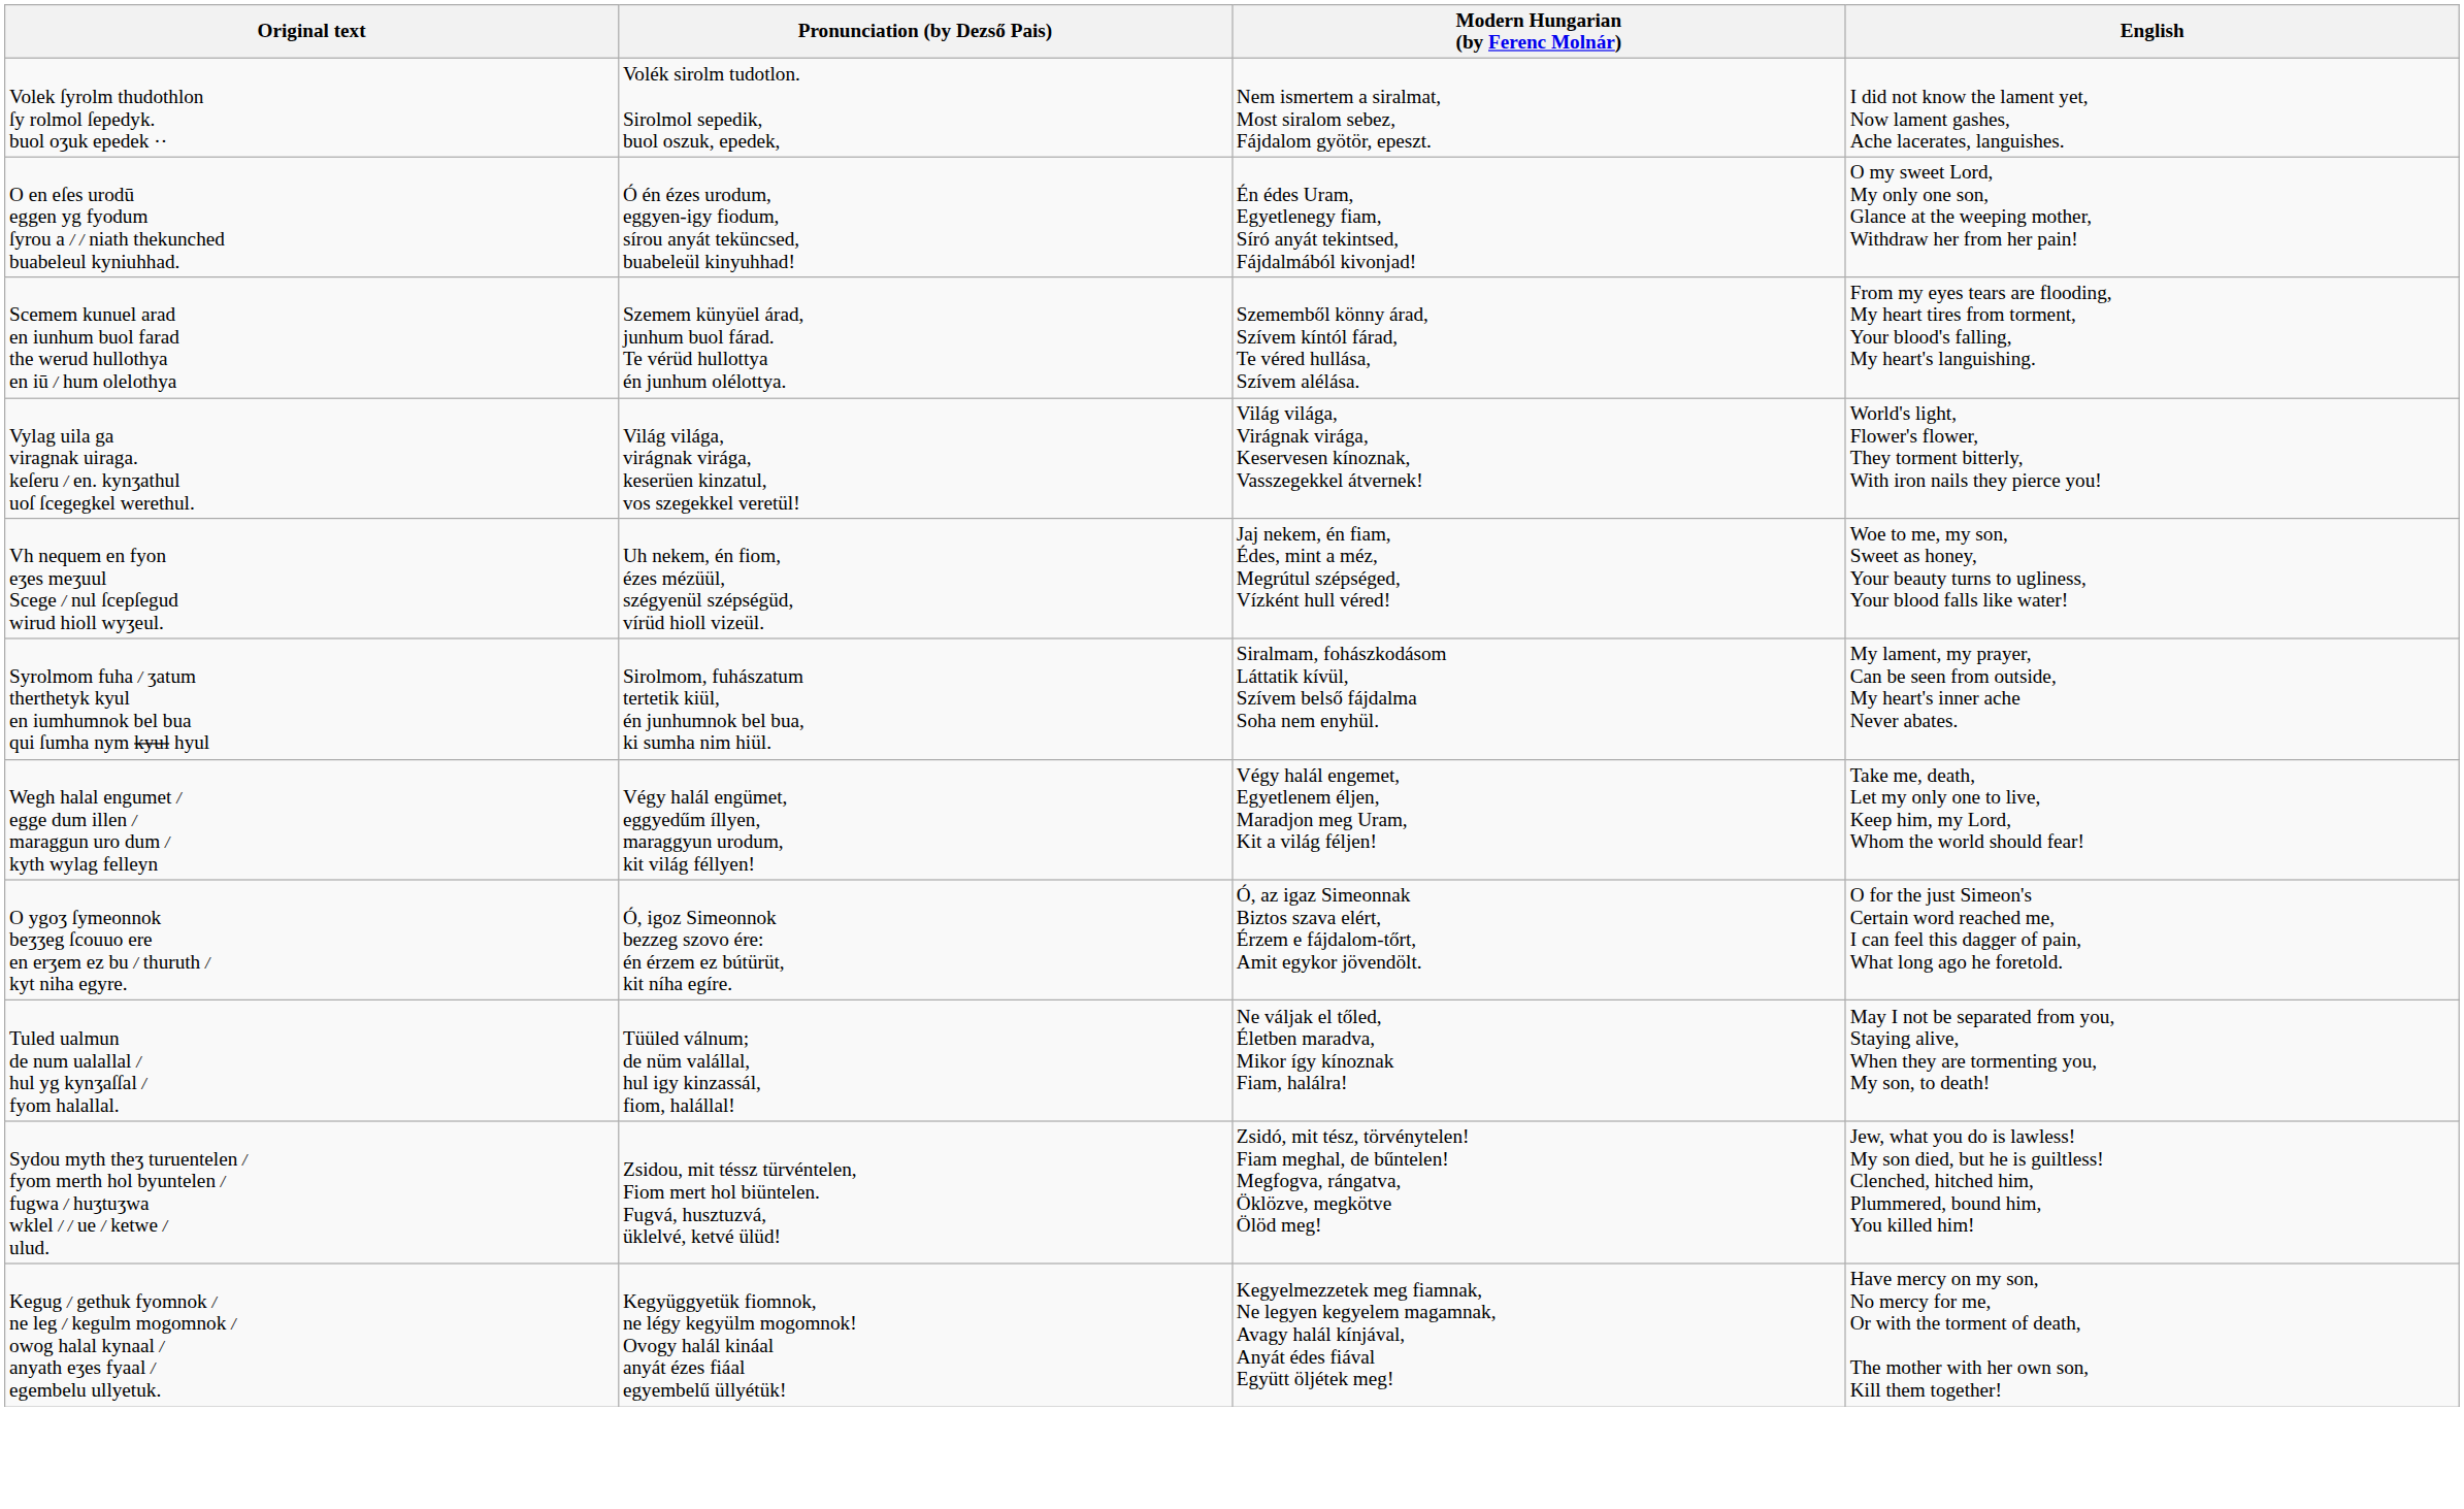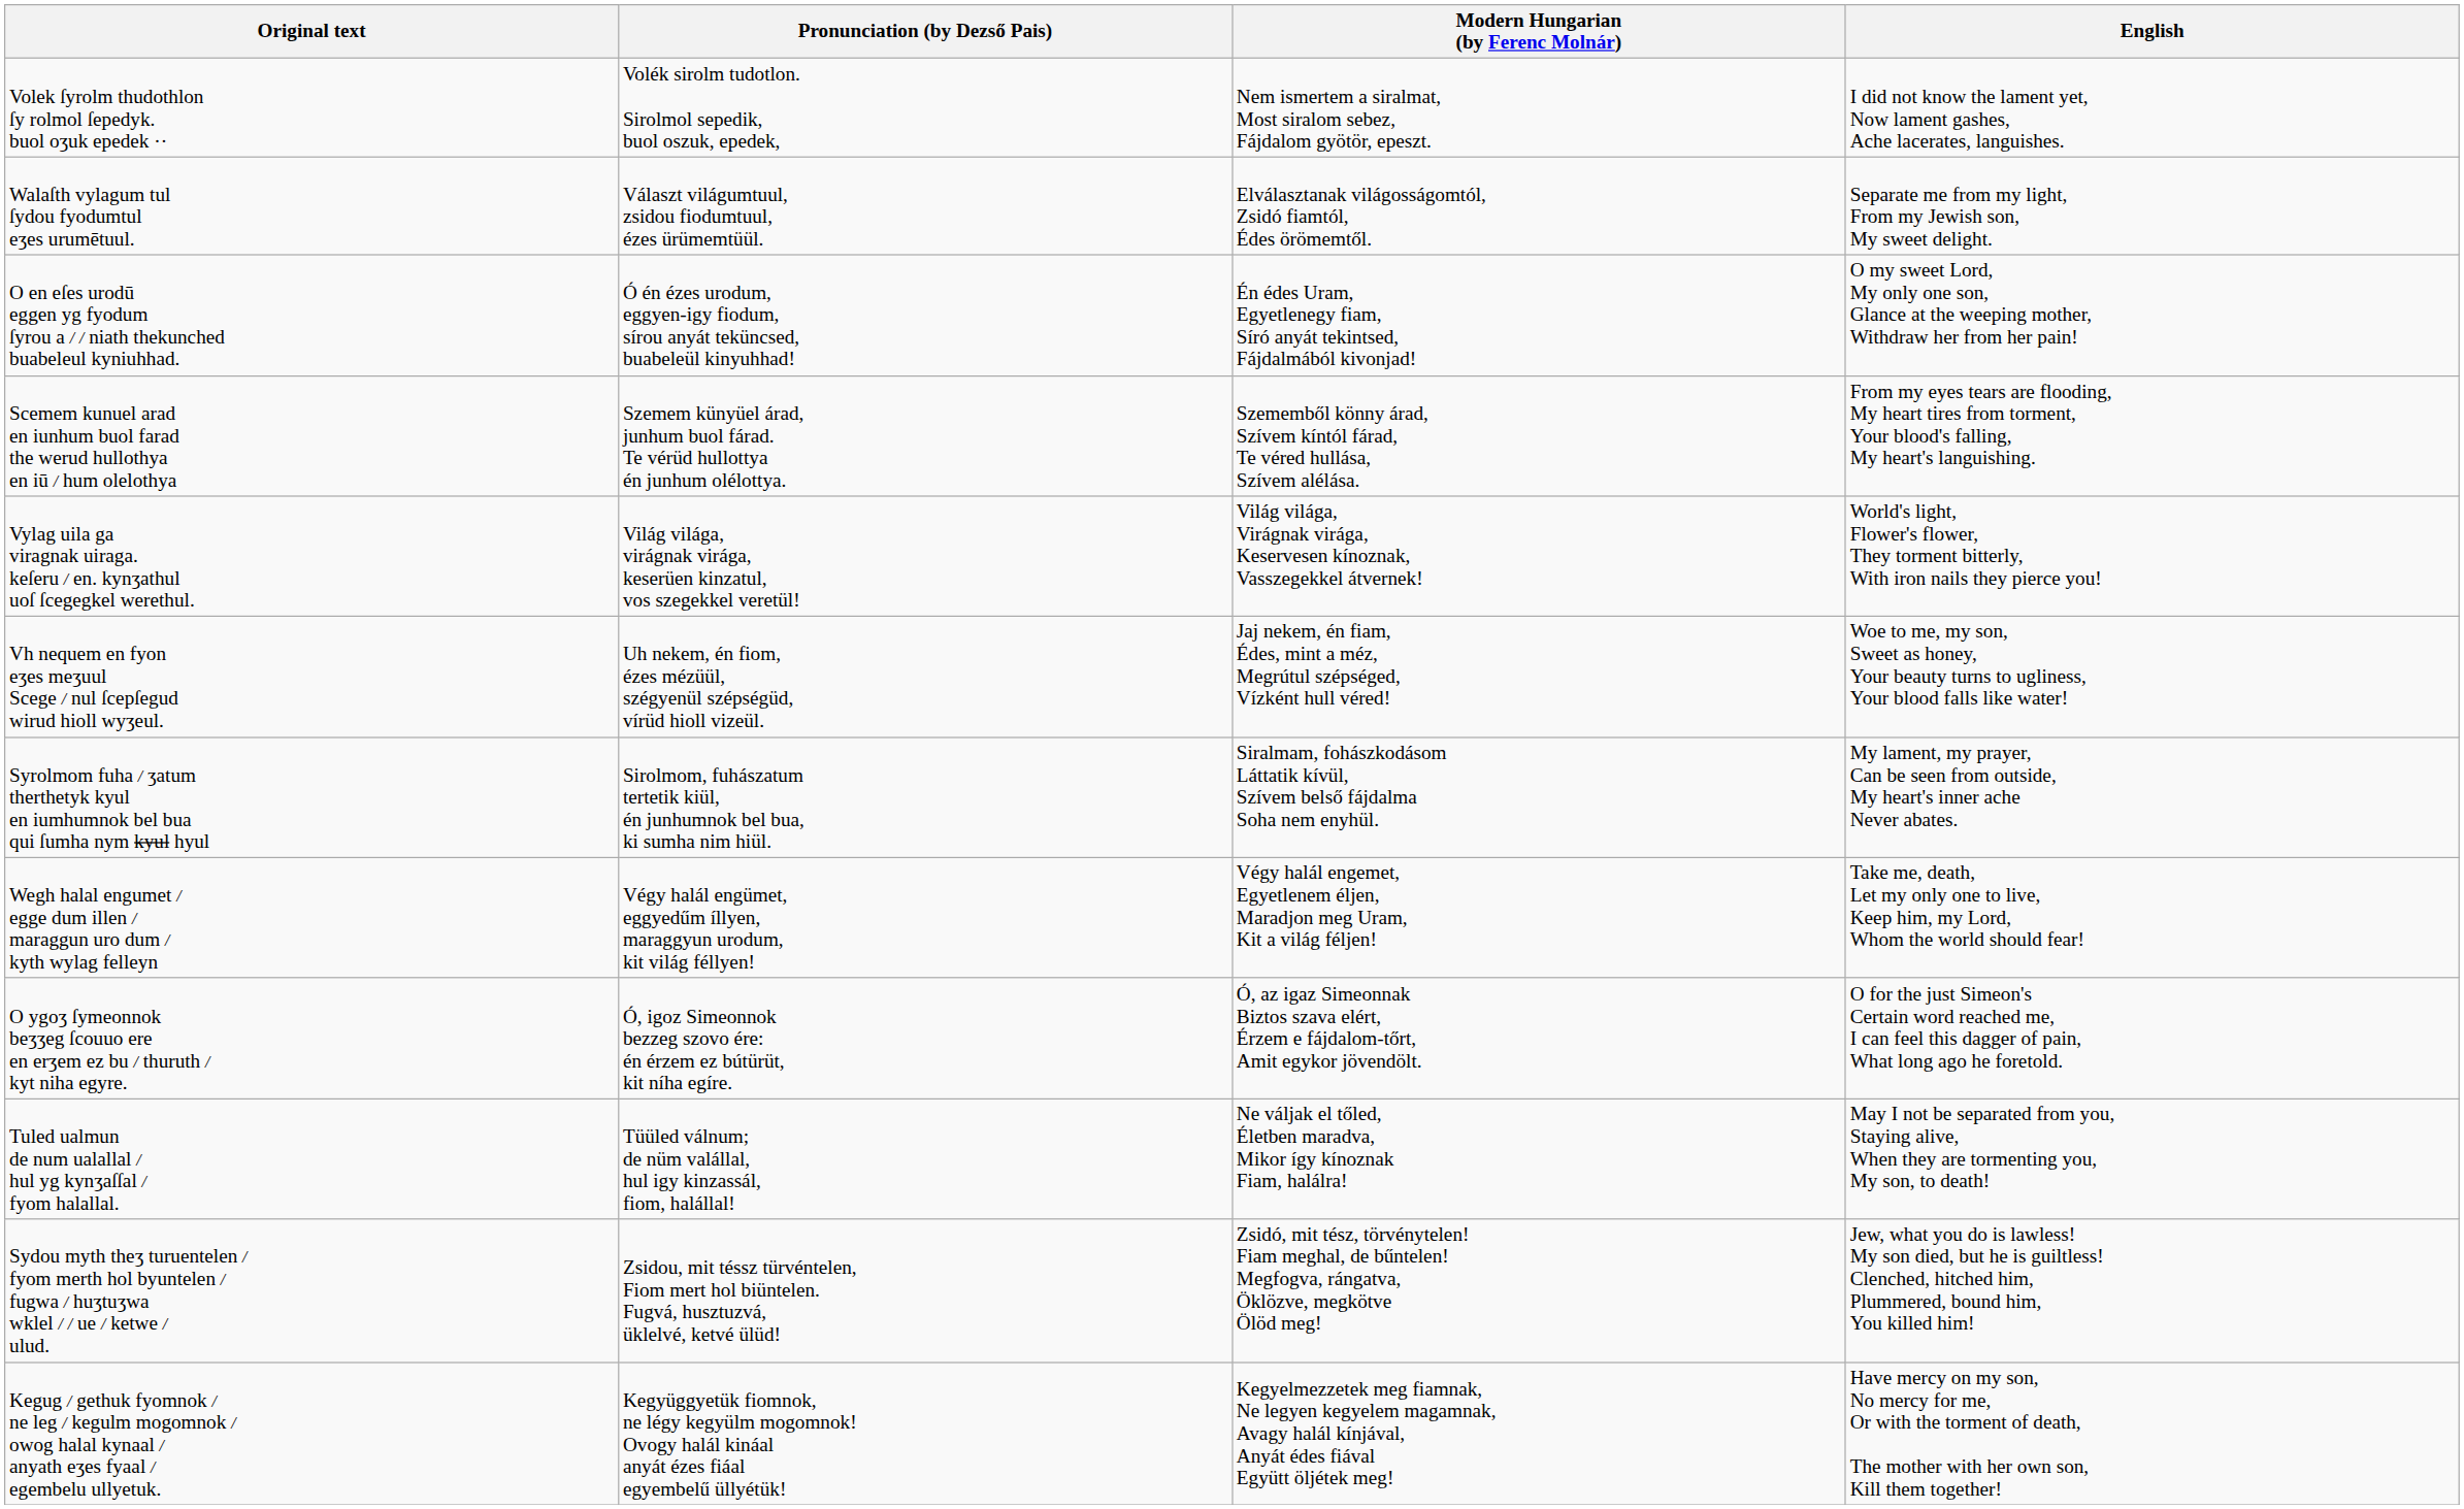 <table border="0" width="100%" class="wikitable">
 <tr ---->
 <th width="25%"><strong>Original text</strong></th>
 <th width="25%"><strong>Pronunciation (by Dezső Pais)</strong></th>
 <th width="25%"><strong>Modern Hungarian<br>(by <a href='#'>Ferenc Molnár</a>)</strong></th>
 <th><strong>English </strong></th>
 </tr>
 <tr ---->
 <td><br>Volek ſyrolm thudothlon <br> ſy rolmol ſepedyk. <br> buol oʒuk epedek ··</td>
 <td>Volék sirolm tudotlon.<br><br>Sirolmol sepedik,<br> buol oszuk, epedek,</td>
 <td><br>Nem ismertem a siralmat,<br>Most siralom sebez,<br>Fájdalom gyötör, epeszt.</td>
 <td><br>I did not know the lament yet,<br>Now lament gashes,<br>Ache lacerates, languishes.</td>
+</tr>
+<tr ---->
+<td><br>Walaſth vylagum tul <br> ſydou fyodumtul <br> eʒes urumētuul.</td>
+<td><br>Választ világumtuul,<br> zsidou fiodumtuul,<br> ézes ürümemtüül.</td>
+<td><br>Elválasztanak világosságomtól,<br>Zsidó fiamtól,<br>Édes örömemtől.</td>
+<td><br>Separate me from my light,<br>From my Jewish son,<br>My sweet delight.</td>
 </tr>
 <tr ---->
 <td><br>O en eſes urodū <br> eggen yg fyodum <br> ſyrou a <small><em>/</em></small> <small><em>/</em></small> niath thekunched <br> buabeleul kyniuhhad.</td>
 <td><br>Ó én ézes urodum,<br> eggyen-igy fiodum,<br> sírou anyát teküncsed,<br> buabeleül kinyuhhad!</td>
 <td><br>Én édes Uram,<br>Egyetlenegy fiam,<br>Síró anyát tekintsed,<br>Fájdalmából kivonjad!</td>
 <td>O my sweet Lord,<br>My only one son,<br>Glance at the weeping mother,<br>Withdraw her from her pain!<br><br></td>
 </tr>
 <tr ---->
 <td><br>Scemem kunuel arad <br> en iunhum buol farad <br> the werud hullothya <br> en iū <small><em>/</em></small> hum olelothya</td>
 <td><br>Szemem künyüel árad,<br> junhum buol fárad.<br> Te vérüd hullottya<br> én junhum olélottya.</td>
 <td><br>Szememből könny árad,<br>Szívem kíntól fárad,<br>Te véred hullása,<br>Szívem alélása.</td>
 <td>From my eyes tears are flooding,<br>My heart tires from torment,<br>Your blood's falling,<br>My heart's languishing.<br><br></td>
 </tr>
 <tr ---->
 <td><br>Vylag uila ga <br> viragnak uiraga. <br> keſeru <small><em>/</em></small> en. kynʒathul <br> uoſ ſcegegkel werethul.</td>
 <td><br>Világ világa,<br> virágnak virága,<br> keserüen kinzatul,<br> vos szegekkel veretül!</td>
 <td>Világ világa,<br>Virágnak virága,<br>Keservesen kínoznak,<br>Vasszegekkel átvernek!<br><br></td>
 <td>World's light,<br>Flower's flower,<br>They torment bitterly,<br>With iron nails they pierce you!<br><br></td>
 </tr>
 <tr ---->
 <td><br>Vh nequem en fyon <br> eʒes meʒuul <br> Scege <small><em>/</em></small> nul ſcepſegud <br> wirud hioll wyʒeul.</td>
 <td><br>Uh nekem, én fiom,<br> ézes mézüül,<br> szégyenül szépségüd,<br> vírüd hioll vizeül.</td>
 <td>Jaj nekem, én fiam,<br>Édes, mint a méz,<br> Megrútul szépséged,<br>Vízként hull véred!<br><br></td>
 <td>Woe to me, my son,<br>Sweet as honey,<br>Your beauty turns to ugliness,<br>Your blood falls like water!<br><br></td>
 </tr>
 <tr ---->
 <td><br>Syrolmom fuha <small><em>/</em></small> ʒatum <br> therthetyk kyul <br> en iumhumnok bel bua <br> qui ſumha nym <s>kyul</s> hyul</td>
 <td><br>Sirolmom, fuhászatum<br> tertetik kiül,<br> én junhumnok bel bua,<br> ki sumha nim hiül.</td>
 <td>Siralmam, fohászkodásom<br>Láttatik kívül,<br>Szívem belső fájdalma<br>Soha nem enyhül.<br><br></td>
 <td>My lament, my prayer,<br>Can be seen from outside,<br>My heart's inner ache<br>Never abates.<br><br></td>
 </tr>
 <tr ---->
 <td><br>Wegh halal engumet <small><em>/</em></small> <br> egge dum illen <small><em>/</em></small> <br> maraggun uro dum <small><em>/</em></small> <br> kyth wylag felleyn</td>
 <td><br>Végy halál engümet,<br> eggyedűm íllyen,<br> maraggyun urodum,<br> kit világ féllyen!</td>
 <td>Végy halál engemet,<br>Egyetlenem éljen,<br>Maradjon meg Uram,<br>Kit a világ féljen!<br><br></td>
 <td>Take me, death,<br>Let my only one to live,<br>Keep him, my Lord,<br>Whom the world should  fear!<br><br></td>
 </tr>
 <tr ---->
 <td><br>O ygoʒ ſymeonnok <br> beʒʒeg ſcouuo ere <br> en erʒem ez bu <small><em>/</em></small> thuruth <small><em>/</em></small> <br> kyt niha egyre.</td>
 <td><br>Ó, igoz Simeonnok<br> bezzeg szovo ére:<br> én érzem ez bútürüt,<br> kit níha egíre.</td>
 <td>Ó, az igaz Simeonnak<br> Biztos szava elért,<br>Érzem e fájdalom-tőrt,<br>Amit egykor jövendölt.<br><br></td>
 <td>O for the just Simeon's<br>Certain word reached me,<br>I can feel this dagger of pain,<br>What long ago he foretold.<br><br></td>
 </tr>
 <tr ---->
 <td><br>Tuled ualmun <br> de num ualallal <small><em>/</em></small> <br> hul yg kynʒaſſal <small><em>/</em></small> <br> fyom halallal.</td>
 <td><br>Tüüled válnum;<br> de nüm valállal,<br> hul igy kinzassál,<br> fiom, halállal!</td>
 <td>Ne váljak el tőled,<br>Életben maradva,<br>Mikor így kínoznak<br>Fiam, halálra!<br><br></td>
 <td>May I not be separated from you,<br>Staying alive,<br>When they are tormenting you,<br>My son, to death!<br><br></td>
 </tr>
 <tr ---->
 <td><br>Sydou myth theʒ turuentelen <small><em>/</em></small> <br> fyom merth hol byuntelen <small><em>/</em></small> <br> fugwa <small><em>/</em></small> huʒtuʒwa <br> wklel <small><em>/</em></small> <small><em>/</em></small> ue <small><em>/</em></small> ketwe <small><em>/</em></small> <br> ulud.</td>
 <td><br>Zsidou, mit téssz türvéntelen,<br> Fiom mert hol biüntelen.<br> Fugvá, husztuzvá,<br> üklelvé, ketvé ülüd!</td>
 <td>Zsidó, mit tész, törvénytelen!<br>Fiam meghal, de bűntelen!<br>Megfogva, rángatva,<br>Öklözve, megkötve<br>Ölöd meg!<br><br></td>
 <td>Jew, what you do is lawless!<br>My son died, but he is guiltless!<br>Clenched, hitched him,<br>Plummered, bound him,<br>You killed him!<br><br></td>
 </tr>
 <tr ---->
 <td><br>Kegug <small><em>/</em></small> gethuk fyomnok <small><em>/</em></small> <br> ne leg <small><em>/</em></small> kegulm mogomnok <small><em>/</em></small> <br> owog halal kynaal <small><em>/</em></small> <br> anyath eʒes fyaal <small><em>/</em></small> <br> egembelu ullyetuk.</td>
 <td><br>Kegyüggyetük fiomnok,<br> ne légy kegyülm mogomnok!<br> Ovogy halál kináal<br> anyát ézes fiáal<br> egyembelű üllyétük!</td>
 <td>Kegyelmezzetek meg fiamnak,<br>Ne legyen kegyelem magamnak,<br>Avagy halál kínjával,<br>Anyát édes fiával<br>Együtt öljétek meg!</td>
 <td>Have mercy on my son,<br>No mercy for me,<br>Or with the torment of death,<br><br>The mother with her own son,<br>Kill them together!</td>
 </tr>
 </table>
